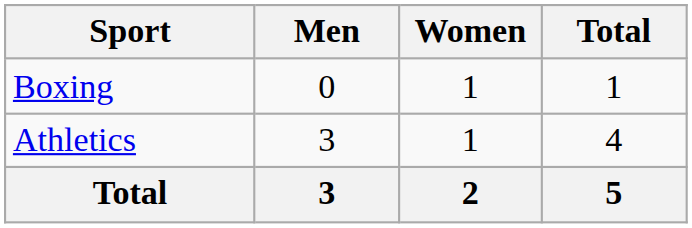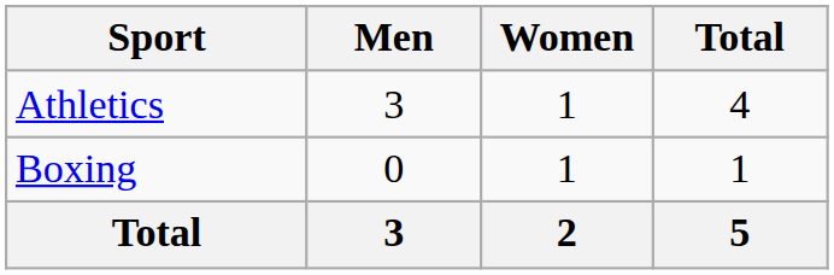 <table class="wikitable" style="text-align:center;">
 <tr>
 <th width=110>Sport</th>
 <th width=60>Men</th>
 <th width=60>Women</th>
 <th width=60>Total</th>
 </tr>
 <tr>
+<td align=left><a href='#'>Athletics</a></td>
+<td>3</td>
+<td>1</td>
+<td>4</td>
+</tr>
+<tr>
 <td align=left><a href='#'>Boxing</a></td>
 <td>0</td>
 <td>1</td>
 <td>1</td>
-</tr>
-<tr>
-<td align=left><a href='#'>Athletics</a></td>
-<td>3</td>
-<td>1</td>
-<td>4</td>
 </tr>
 <tr>
 <th>Total</th>
 <th>3</th>
 <th>2</th>
 <th>5</th>
 </tr>
 </table>
